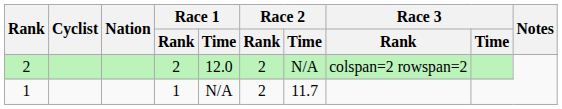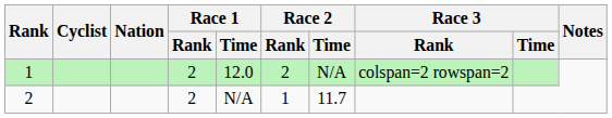 <table class="wikitable sortable" style="text-align:center">
 <tr>
 <th rowspan=2>Rank</th>
 <th rowspan=2>Cyclist</th>
 <th rowspan=2>Nation</th>
 <th colspan=2>Race 1</th>
 <th colspan=2>Race 2</th>
 <th colspan=2>Race 3</th>
 <th rowspan=2>Notes</th>
 </tr>
 <tr>
 <th>Rank</th>
 <th>Time</th>
 <th>Rank</th>
 <th>Time</th>
 <th>Rank</th>
 <th>Time</th>
 </tr>
 <tr bgcolor=bbf3bb>
-<td>2</td>
+<td>1</td>
 <td align=left></td>
 <td align=left></td>
 <td>2</td>
 <td>12.0</td>
 <td>2</td>
 <td>N/A</td>
 <td>colspan=2 rowspan=2 </td>
 <td></td>
 </tr>
 <tr>
-<td>1</td>
+<td>2</td>
 <td align=left></td>
 <td align=left></td>
+<td>2</td>
+<td>N/A</td>
 <td>1</td>
-<td>N/A</td>
-<td>2</td>
 <td>11.7</td>
 <td></td>
 </tr>
 </table>
